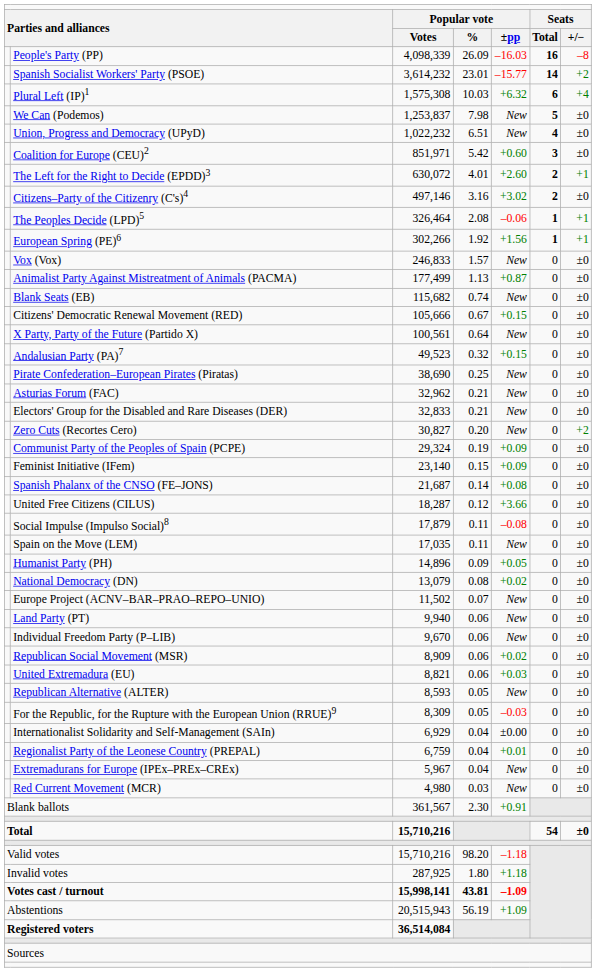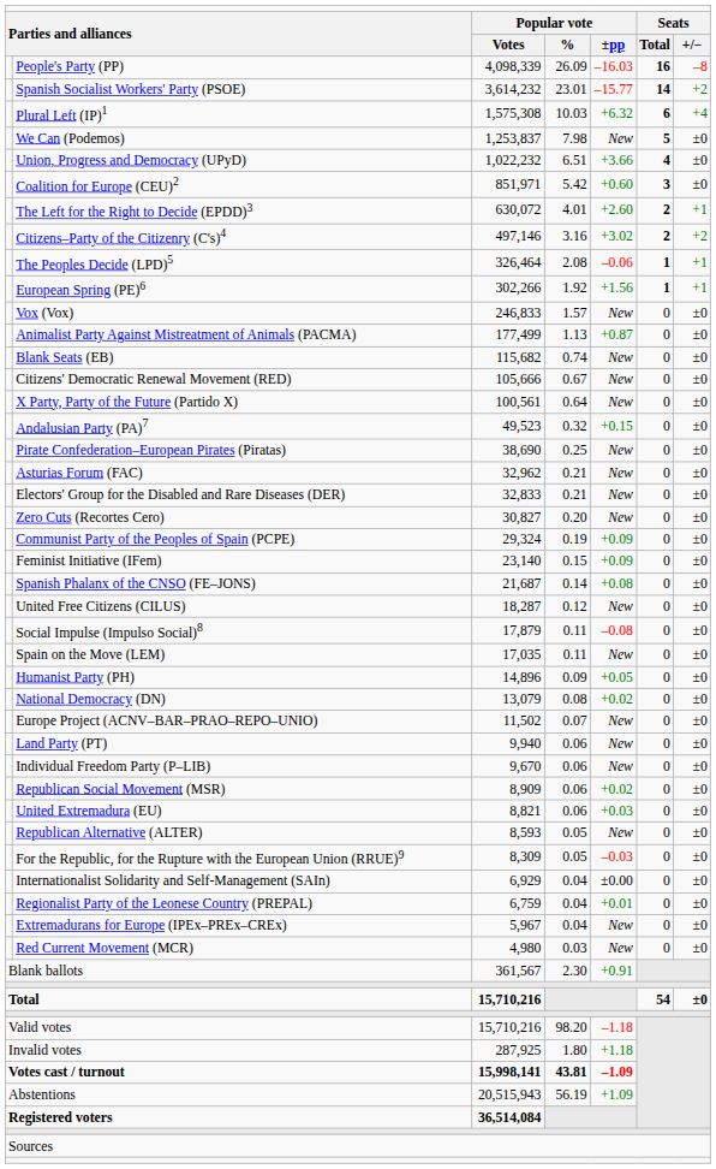 <table class="wikitable" style="text-align:right;">
 <tr>
 <td colspan="7"></td>
 </tr>
 <tr>
 <th style="text-align:left;" rowspan="2" colspan="2" width="525">Parties and alliances</th>
 <th colspan="3">Popular vote</th>
 <th colspan="2">Seats</th>
 </tr>
 <tr>
 <th width="75">Votes</th>
 <th width="45">%</th>
 <th width="45">±<a href='#'>pp</a></th>
 <th width="35">Total</th>
 <th width="35">+/−</th>
 </tr>
 <tr>
 <td width="1" style="color:inherit;background:"></td>
 <td align="left"><a href='#'>People's Party</a> (PP)</td>
 <td>4,098,339</td>
 <td>26.09</td>
 <td style="color:red;">–16.03</td>
 <td><strong>16</strong></td>
 <td style="color:red;">–8</td>
 </tr>
 <tr>
 <td style="color:inherit;background:"></td>
 <td align="left"><a href='#'>Spanish Socialist Workers' Party</a> (PSOE)</td>
 <td>3,614,232</td>
 <td>23.01</td>
 <td style="color:red;">–15.77</td>
 <td><strong>14</strong></td>
 <td style="color:green;">+2</td>
 </tr>
 <tr>
 <td style="color:inherit;background:"></td>
 <td align="left"><a href='#'>Plural Left</a> (IP)<sup>1</sup></td>
 <td>1,575,308</td>
 <td>10.03</td>
 <td style="color:green;">+6.32</td>
 <td><strong>6</strong></td>
 <td style="color:green;">+4</td>
 </tr>
 <tr>
 <td style="color:inherit;background:"></td>
 <td align="left"><a href='#'>We Can</a> (Podemos)</td>
 <td>1,253,837</td>
 <td>7.98</td>
 <td><em>New</em></td>
 <td><strong>5</strong></td>
 <td>±0</td>
 </tr>
 <tr>
 <td style="color:inherit;background:"></td>
 <td align="left"><a href='#'>Union, Progress and Democracy</a> (UPyD)</td>
 <td>1,022,232</td>
 <td>6.51</td>
-<td><em>New</em></td>
+<td style="color:green;">+3.66</td>
 <td><strong>4</strong></td>
 <td>±0</td>
 </tr>
 <tr>
 <td style="color:inherit;background:"></td>
 <td align="left"><a href='#'>Coalition for Europe</a> (CEU)<sup>2</sup></td>
 <td>851,971</td>
 <td>5.42</td>
 <td style="color:green;">+0.60</td>
 <td><strong>3</strong></td>
 <td>±0</td>
 </tr>
 <tr>
 <td style="color:inherit;background:"></td>
 <td align="left"><a href='#'>The Left for the Right to Decide</a> (EPDD)<sup>3</sup></td>
 <td>630,072</td>
 <td>4.01</td>
 <td style="color:green;">+2.60</td>
 <td><strong>2</strong></td>
 <td style="color:green;">+1</td>
 </tr>
 <tr>
 <td style="color:inherit;background:"></td>
 <td align="left"><a href='#'>Citizens–Party of the Citizenry</a> (C's)<sup>4</sup></td>
 <td>497,146</td>
 <td>3.16</td>
 <td style="color:green;">+3.02</td>
 <td><strong>2</strong></td>
-<td>±0</td>
+<td style="color:green;">+2</td>
 </tr>
 <tr>
 <td style="color:inherit;background:"></td>
 <td align="left"><a href='#'>The Peoples Decide</a> (LPD)<sup>5</sup></td>
 <td>326,464</td>
 <td>2.08</td>
 <td style="color:red;">–0.06</td>
 <td><strong>1</strong></td>
 <td style="color:green;">+1</td>
 </tr>
 <tr>
 <td style="color:inherit;background:"></td>
 <td align="left"><a href='#'>European Spring</a> (PE)<sup>6</sup></td>
 <td>302,266</td>
 <td>1.92</td>
 <td style="color:green;">+1.56</td>
 <td><strong>1</strong></td>
 <td style="color:green;">+1</td>
 </tr>
 <tr>
 <td style="color:inherit;background:"></td>
 <td align="left"><a href='#'>Vox</a> (Vox)</td>
 <td>246,833</td>
 <td>1.57</td>
 <td><em>New</em></td>
 <td>0</td>
 <td>±0</td>
 </tr>
 <tr>
 <td style="color:inherit;background:"></td>
 <td align="left"><a href='#'>Animalist Party Against Mistreatment of Animals</a> (PACMA)</td>
 <td>177,499</td>
 <td>1.13</td>
 <td style="color:green;">+0.87</td>
 <td>0</td>
 <td>±0</td>
 </tr>
 <tr>
 <td style="color:inherit;background:"></td>
 <td align="left"><a href='#'>Blank Seats</a> (EB)</td>
 <td>115,682</td>
 <td>0.74</td>
 <td><em>New</em></td>
 <td>0</td>
 <td>±0</td>
 </tr>
 <tr>
 <td style="color:inherit;background:"></td>
 <td align="left">Citizens' Democratic Renewal Movement (RED)</td>
 <td>105,666</td>
 <td>0.67</td>
-<td style="color:green;">+0.15</td>
+<td><em>New</em></td>
 <td>0</td>
 <td>±0</td>
 </tr>
 <tr>
 <td style="color:inherit;background:"></td>
 <td align="left"><a href='#'>X Party, Party of the Future</a> (Partido X)</td>
 <td>100,561</td>
 <td>0.64</td>
 <td><em>New</em></td>
 <td>0</td>
 <td>±0</td>
 </tr>
 <tr>
 <td style="color:inherit;background:"></td>
 <td align="left"><a href='#'>Andalusian Party</a> (PA)<sup>7</sup></td>
 <td>49,523</td>
 <td>0.32</td>
 <td style="color:green;">+0.15</td>
 <td>0</td>
 <td>±0</td>
 </tr>
 <tr>
 <td style="color:inherit;background:"></td>
 <td align="left"><a href='#'>Pirate Confederation–European Pirates</a> (Piratas)</td>
 <td>38,690</td>
 <td>0.25</td>
 <td><em>New</em></td>
 <td>0</td>
 <td>±0</td>
 </tr>
 <tr>
 <td style="color:inherit;background:"></td>
 <td align="left"><a href='#'>Asturias Forum</a> (FAC)</td>
 <td>32,962</td>
 <td>0.21</td>
 <td><em>New</em></td>
 <td>0</td>
 <td>±0</td>
 </tr>
 <tr>
 <td style="color:inherit;background:"></td>
 <td align="left">Electors' Group for the Disabled and Rare Diseases (DER)</td>
 <td>32,833</td>
 <td>0.21</td>
 <td><em>New</em></td>
 <td>0</td>
 <td>±0</td>
 </tr>
 <tr>
 <td style="color:inherit;background:"></td>
 <td align="left"><a href='#'>Zero Cuts</a> (Recortes Cero)</td>
 <td>30,827</td>
 <td>0.20</td>
 <td><em>New</em></td>
 <td>0</td>
-<td style="color:green;">+2</td>
+<td>±0</td>
 </tr>
 <tr>
 <td style="color:inherit;background:"></td>
 <td align="left"><a href='#'>Communist Party of the Peoples of Spain</a> (PCPE)</td>
 <td>29,324</td>
 <td>0.19</td>
 <td style="color:green;">+0.09</td>
 <td>0</td>
 <td>±0</td>
 </tr>
 <tr>
 <td style="color:inherit;background:"></td>
 <td align="left">Feminist Initiative (IFem)</td>
 <td>23,140</td>
 <td>0.15</td>
 <td style="color:green;">+0.09</td>
 <td>0</td>
 <td>±0</td>
 </tr>
 <tr>
 <td style="color:inherit;background:"></td>
 <td align="left"><a href='#'>Spanish Phalanx of the CNSO</a> (FE–JONS)</td>
 <td>21,687</td>
 <td>0.14</td>
 <td style="color:green;">+0.08</td>
 <td>0</td>
 <td>±0</td>
 </tr>
 <tr>
 <td style="color:inherit;background:"></td>
 <td align="left">United Free Citizens (CILUS)</td>
 <td>18,287</td>
 <td>0.12</td>
-<td style="color:green;">+3.66</td>
+<td><em>New</em></td>
 <td>0</td>
 <td>±0</td>
 </tr>
 <tr>
 <td style="color:inherit;background:"></td>
 <td align="left">Social Impulse (Impulso Social)<sup>8</sup></td>
 <td>17,879</td>
 <td>0.11</td>
 <td style="color:red;">–0.08</td>
 <td>0</td>
 <td>±0</td>
 </tr>
 <tr>
 <td style="color:inherit;background:"></td>
 <td align="left">Spain on the Move (LEM)</td>
 <td>17,035</td>
 <td>0.11</td>
 <td><em>New</em></td>
 <td>0</td>
 <td>±0</td>
 </tr>
 <tr>
 <td style="color:inherit;background:"></td>
 <td align="left"><a href='#'>Humanist Party</a> (PH)</td>
 <td>14,896</td>
 <td>0.09</td>
 <td style="color:green;">+0.05</td>
 <td>0</td>
 <td>±0</td>
 </tr>
 <tr>
 <td style="color:inherit;background:"></td>
 <td align="left"><a href='#'>National Democracy</a> (DN)</td>
 <td>13,079</td>
 <td>0.08</td>
 <td style="color:green;">+0.02</td>
 <td>0</td>
 <td>±0</td>
 </tr>
 <tr>
 <td style="color:inherit;background:"></td>
 <td align="left">Europe Project (ACNV–BAR–PRAO–REPO–UNIO)</td>
 <td>11,502</td>
 <td>0.07</td>
 <td><em>New</em></td>
 <td>0</td>
 <td>±0</td>
 </tr>
 <tr>
 <td style="color:inherit;background:"></td>
 <td align="left"><a href='#'>Land Party</a> (PT)</td>
 <td>9,940</td>
 <td>0.06</td>
 <td><em>New</em></td>
 <td>0</td>
 <td>±0</td>
 </tr>
 <tr>
 <td style="color:inherit;background:"></td>
 <td align="left">Individual Freedom Party (P–LIB)</td>
 <td>9,670</td>
 <td>0.06</td>
 <td><em>New</em></td>
 <td>0</td>
 <td>±0</td>
 </tr>
 <tr>
 <td style="color:inherit;background:"></td>
 <td align="left"><a href='#'>Republican Social Movement</a> (MSR)</td>
 <td>8,909</td>
 <td>0.06</td>
 <td style="color:green;">+0.02</td>
 <td>0</td>
 <td>±0</td>
 </tr>
 <tr>
 <td style="color:inherit;background:"></td>
 <td align="left"><a href='#'>United Extremadura</a> (EU)</td>
 <td>8,821</td>
 <td>0.06</td>
 <td style="color:green;">+0.03</td>
 <td>0</td>
 <td>±0</td>
 </tr>
 <tr>
 <td style="color:inherit;background:"></td>
 <td align="left"><a href='#'>Republican Alternative</a> (ALTER)</td>
 <td>8,593</td>
 <td>0.05</td>
 <td><em>New</em></td>
 <td>0</td>
 <td>±0</td>
 </tr>
 <tr>
 <td style="color:inherit;background:"></td>
 <td align="left">For the Republic, for the Rupture with the European Union (RRUE)<sup>9</sup></td>
 <td>8,309</td>
 <td>0.05</td>
 <td style="color:red;">–0.03</td>
 <td>0</td>
 <td>±0</td>
 </tr>
 <tr>
 <td style="color:inherit;background:"></td>
 <td align="left">Internationalist Solidarity and Self-Management (SAIn)</td>
 <td>6,929</td>
 <td>0.04</td>
 <td>±0.00</td>
 <td>0</td>
 <td>±0</td>
 </tr>
 <tr>
 <td style="color:inherit;background:"></td>
 <td align="left"><a href='#'>Regionalist Party of the Leonese Country</a> (PREPAL)</td>
 <td>6,759</td>
 <td>0.04</td>
 <td style="color:green;">+0.01</td>
 <td>0</td>
 <td>±0</td>
 </tr>
 <tr>
 <td style="color:inherit;background:"></td>
 <td align="left"><a href='#'>Extremadurans for Europe</a> (IPEx–PREx–CREx)</td>
 <td>5,967</td>
 <td>0.04</td>
 <td><em>New</em></td>
 <td>0</td>
 <td>±0</td>
 </tr>
 <tr>
 <td style="color:inherit;background:"></td>
 <td align="left"><a href='#'>Red Current Movement</a> (MCR)</td>
 <td>4,980</td>
 <td>0.03</td>
 <td><em>New</em></td>
 <td>0</td>
 <td>±0</td>
 </tr>
 <tr>
 <td align="left" colspan="2">Blank ballots</td>
 <td>361,567</td>
 <td>2.30</td>
 <td style="color:green;">+0.91</td>
 <td bgcolor="#E9E9E9" colspan="2"></td>
 </tr>
 <tr>
 <td colspan="7" bgcolor="#E9E9E9"></td>
 </tr>
 <tr style="font-weight:bold;">
 <td align="left" colspan="2">Total</td>
 <td>15,710,216</td>
 <td bgcolor="#E9E9E9" colspan="2"></td>
 <td>54</td>
 <td>±0</td>
 </tr>
 <tr>
 <td colspan="7" bgcolor="#E9E9E9"></td>
 </tr>
 <tr>
 <td align="left" colspan="2">Valid votes</td>
 <td>15,710,216</td>
 <td>98.20</td>
 <td style="color:red;">–1.18</td>
 <td bgcolor="#E9E9E9" colspan="2" rowspan="5"></td>
 </tr>
 <tr>
 <td align="left" colspan="2">Invalid votes</td>
 <td>287,925</td>
 <td>1.80</td>
 <td style="color:green;">+1.18</td>
 </tr>
 <tr style="font-weight:bold;">
 <td align="left" colspan="2">Votes cast / turnout</td>
 <td>15,998,141</td>
 <td>43.81</td>
 <td style="color:red;">–1.09</td>
 </tr>
 <tr>
 <td align="left" colspan="2">Abstentions</td>
 <td>20,515,943</td>
 <td>56.19</td>
 <td style="color:green;">+1.09</td>
 </tr>
 <tr style="font-weight:bold;">
 <td align="left" colspan="2">Registered voters</td>
 <td>36,514,084</td>
 <td bgcolor="#E9E9E9" colspan="2"></td>
 </tr>
 <tr>
 <td colspan="7" bgcolor="#E9E9E9"></td>
 </tr>
 <tr>
 <td align="left" colspan="7">Sources</td>
 </tr>
 <tr>
 <td colspan="7" style="text-align:left; max-width:790px;"></td>
 </tr>
 </table>
